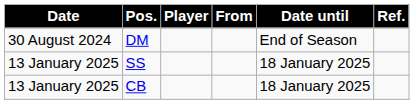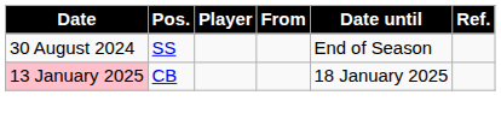 <table class="wikitable plainrowheaders sortable">
 <tr>
 <th style="background:black; color:white; ">Date</th>
 <th style="background:black; color:white; ">Pos.</th>
 <th style="background:black; color:white; ">Player</th>
 <th style="background:black; color:white; ">From</th>
 <th style="background:black; color:white; ">Date until</th>
 <th style="background:black; color:white; ">Ref.</th>
 </tr>
 <tr>
 <td>30 August 2024</td>
-<td><a href='#'>DM</a></td>
+<td><a href='#'>SS</a></td>
 <td></td>
 <td></td>
 <td>End of Season</td>
 <td></td>
 </tr>
 <tr>
-<td>13 January 2025</td>
-<td><a href='#'>SS</a></td>
-<td></td>
-<td></td>
-<td>18 January 2025</td>
-<td></td>
-</tr>
-<tr>
-<td>13 January 2025</td>
+<td style="background: pink;">13 January 2025</td>
 <td><a href='#'>CB</a></td>
 <td></td>
 <td></td>
 <td>18 January 2025</td>
 <td></td>
 </tr>
 </table>
